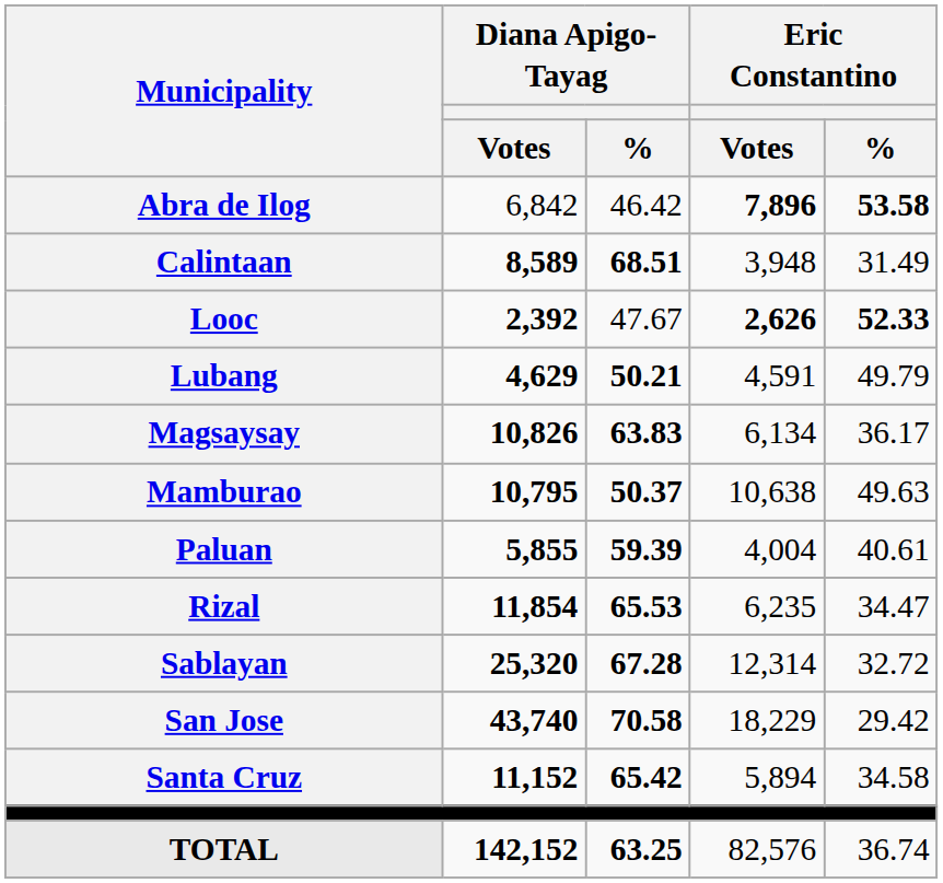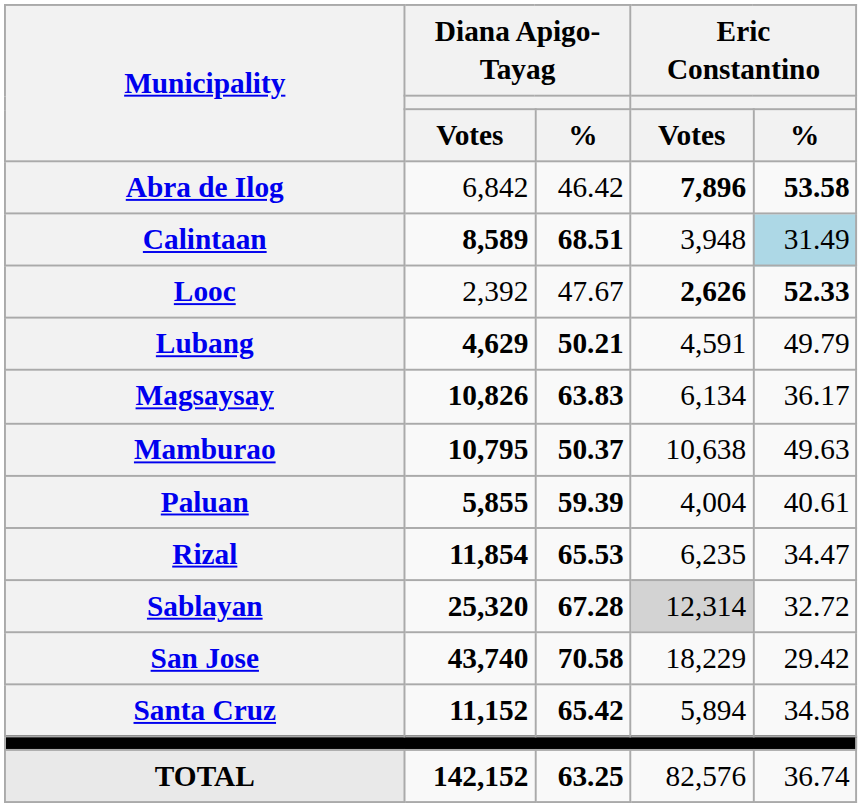 <table class="wikitable collapsible collapsed" style="text-align:right; font-size:95%; line-height:20px;">
 <tr>
 <th rowspan="3" width="200"><a href='#'>Municipality</a></th>
 <th colspan="2" width="110">Diana Apigo-Tayag</th>
 <th colspan="2" width="110">Eric Constantino</th>
 </tr>
 <tr>
 <th colspan="2" style="background:"></th>
 <th colspan="2" style="background:"></th>
 </tr>
 <tr>
 <th>Votes</th>
 <th>%</th>
 <th>Votes</th>
 <th>%</th>
 </tr>
 <tr>
 <th scope="row"><a href='#'>Abra de Ilog</a></th>
 <td>6,842</td>
 <td>46.42</td>
 <td style="background:"><strong>7,896</strong></td>
 <td style="background:"><strong>53.58</strong></td>
 </tr>
 <tr>
 <th scope="row"><a href='#'>Calintaan</a></th>
 <td style="background:"><strong>8,589</strong></td>
 <td style="background:"><strong>68.51</strong></td>
 <td>3,948</td>
-<td>31.49</td>
+<td style="background: lightblue;">31.49</td>
 </tr>
 <tr>
 <th scope="row"><a href='#'>Looc</a></th>
-<td><strong>2,392</strong></td>
+<td>2,392</td>
 <td>47.67</td>
 <td style="background:"><strong>2,626</strong></td>
 <td style="background:"><strong>52.33</strong></td>
 </tr>
 <tr>
 <th scope="row"><a href='#'>Lubang</a></th>
 <td style="background:"><strong>4,629</strong></td>
 <td style="background:"><strong>50.21</strong></td>
 <td>4,591</td>
 <td>49.79</td>
 </tr>
 <tr>
 <th scope="row"><a href='#'>Magsaysay</a></th>
 <td style="background:"><strong>10,826</strong></td>
 <td style="background:"><strong>63.83</strong></td>
 <td>6,134</td>
 <td>36.17</td>
 </tr>
 <tr>
 <th scope="row"><a href='#'>Mamburao</a></th>
 <td style="background:"><strong>10,795</strong></td>
 <td style="background:"><strong>50.37</strong></td>
 <td>10,638</td>
 <td>49.63</td>
 </tr>
 <tr>
 <th scope="row"><a href='#'>Paluan</a></th>
 <td style="background:"><strong>5,855</strong></td>
 <td style="background:"><strong>59.39</strong></td>
 <td>4,004</td>
 <td>40.61</td>
 </tr>
 <tr>
 <th scope="row"><a href='#'>Rizal</a></th>
 <td style="background:"><strong>11,854</strong></td>
 <td style="background:"><strong>65.53</strong></td>
 <td>6,235</td>
 <td>34.47</td>
 </tr>
 <tr>
 <th scope="row"><a href='#'>Sablayan</a></th>
 <td style="background:"><strong>25,320</strong></td>
 <td style="background:"><strong>67.28</strong></td>
-<td>12,314</td>
+<td style="background: lightgrey;">12,314</td>
 <td>32.72</td>
 </tr>
 <tr>
 <th scope="row"><a href='#'>San Jose</a></th>
 <td style="background:"><strong>43,740</strong></td>
 <td style="background:"><strong>70.58</strong></td>
 <td>18,229</td>
 <td>29.42</td>
 </tr>
 <tr>
 <th scope="row"><a href='#'>Santa Cruz</a></th>
 <td style="background:"><strong>11,152</strong></td>
 <td style="background:"><strong>65.42</strong></td>
 <td>5,894</td>
 <td>34.58</td>
 </tr>
 <tr>
 <td colspan=5 bgcolor=black></td>
 </tr>
 <tr>
 <td style="background:#E9E9E9;" align="center"><strong>TOTAL</strong></td>
 <td style="background:"><strong>142,152</strong></td>
 <td style="background:"><strong>63.25</strong></td>
 <td>82,576</td>
 <td>36.74</td>
 </tr>
 </table>
